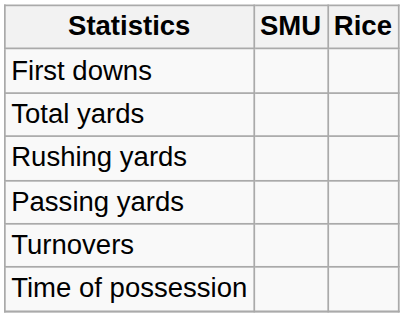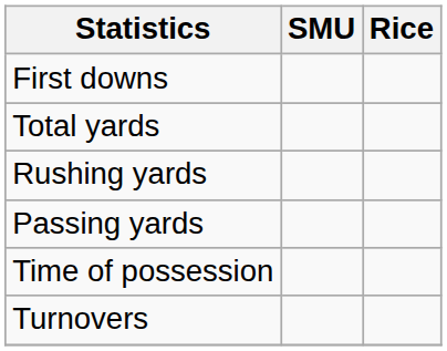 <table class="wikitable" style="float: left;">
 <tr>
 <th>Statistics</th>
 <th>SMU</th>
 <th>Rice</th>
 </tr>
 <tr>
 <td>First downs</td>
 <td></td>
 <td></td>
 </tr>
 <tr>
 <td>Total yards</td>
 <td></td>
 <td></td>
 </tr>
 <tr>
 <td>Rushing yards</td>
 <td></td>
 <td></td>
 </tr>
 <tr>
 <td>Passing yards</td>
 <td></td>
 <td></td>
 </tr>
 <tr>
-<td>Turnovers</td>
+<td>Time of possession</td>
 <td></td>
 <td></td>
 </tr>
 <tr>
-<td>Time of possession</td>
+<td>Turnovers</td>
 <td></td>
 <td></td>
 </tr>
 <tr>
 </tr>
 </table>
